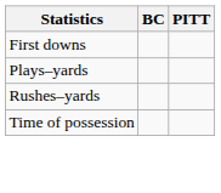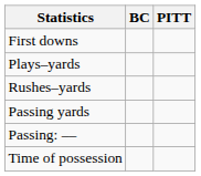 <table class="wikitable" style="float:left">
 <tr>
 <th>Statistics</th>
 <th>BC</th>
 <th>PITT</th>
 </tr>
 <tr>
 <td>First downs</td>
 <td></td>
 <td></td>
 </tr>
 <tr>
 <td>Plays–yards</td>
 <td></td>
 <td></td>
 </tr>
 <tr>
 <td>Rushes–yards</td>
 <td></td>
 <td></td>
 </tr>
 <tr>
+<td>Passing yards</td>
+<td></td>
+<td></td>
+</tr>
+<tr>
+<td>Passing: ––</td>
+<td></td>
+<td></td>
+</tr>
+<tr>
 <td>Time of possession</td>
 <td></td>
 <td></td>
 </tr>
 </table>
